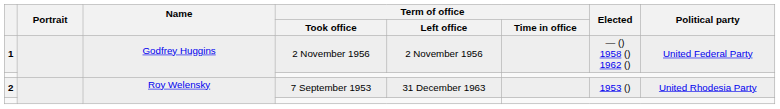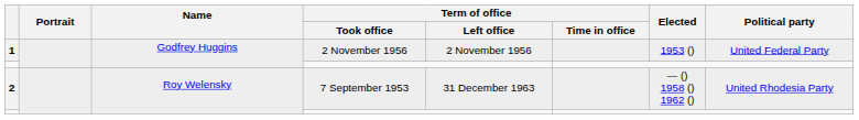 <table class="wikitable" style="width:100%; text-align:center;">
 <tr>
 <th rowspan="2"></th>
 <th rowspan="2" width=100px>Portrait</th>
 <th rowspan="2" width=25%>Name<br><br></th>
 <th colspan="3">Term of office</th>
 <th rowspan="2">Elected<br></th>
 <th rowspan="2">Political party</th>
 </tr>
 <tr>
 <th>Took office</th>
 <th>Left office</th>
 <th>Time in office</th>
 </tr>
 <tr style="background:#EEEEEE">
 <th style="background:">1</th>
 <td rowspan="2"></td>
 <td rowspan="2"><a href='#'>Godfrey Huggins</a><br><br></td>
 <td>2 November 1956</td>
 <td>2 November 1956</td>
 <td></td>
-<td>— ()<br><a href='#'>1958</a> ()<br><a href='#'>1962</a> ()</td>
+<td><a href='#'>1953</a> ()</td>
 <td><a href='#'>United Federal Party</a></td>
 </tr>
 <tr>
 <td colspan="5"></td>
 </tr>
 <tr style="background:#EEEEEE">
 <th style="background:">2</th>
 <td rowspan="2"></td>
 <td rowspan="2"><a href='#'>Roy Welensky</a><br><br></td>
 <td>7 September 1953</td>
 <td>31 December 1963</td>
 <td></td>
-<td><a href='#'>1953</a> ()</td>
+<td>— ()<br><a href='#'>1958</a> ()<br><a href='#'>1962</a> ()</td>
 <td><a href='#'>United Rhodesia Party</a></td>
 </tr>
 <tr>
 <td colspan="5"></td>
 </tr>
 </table>
